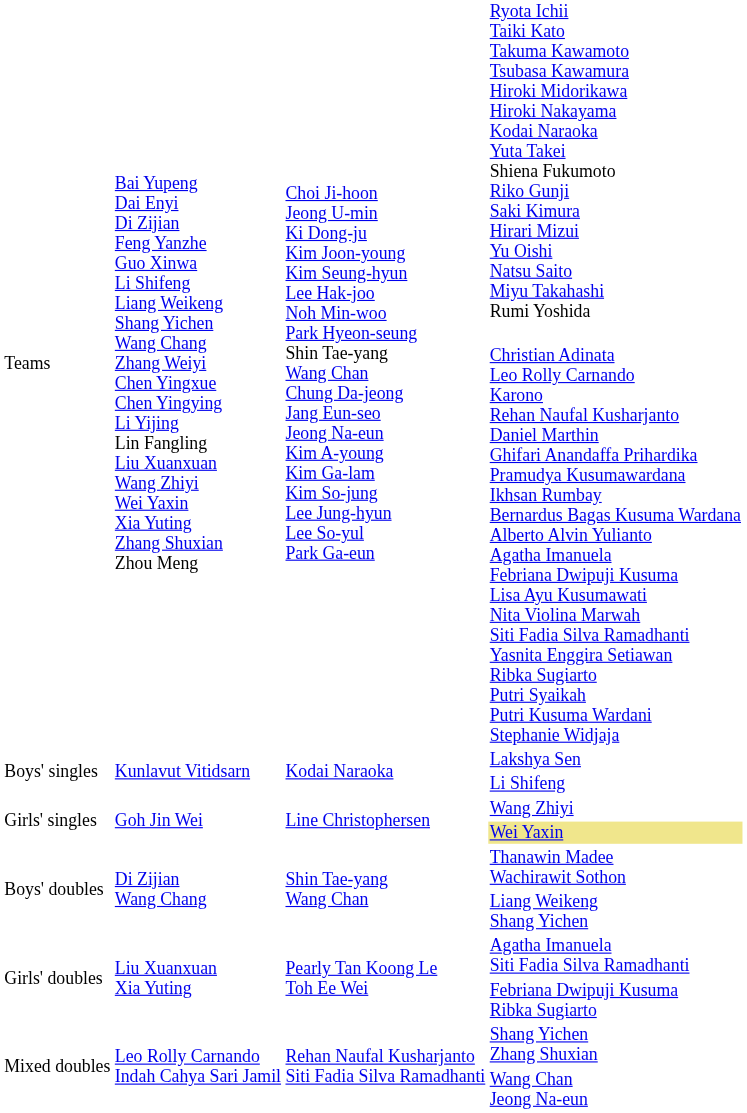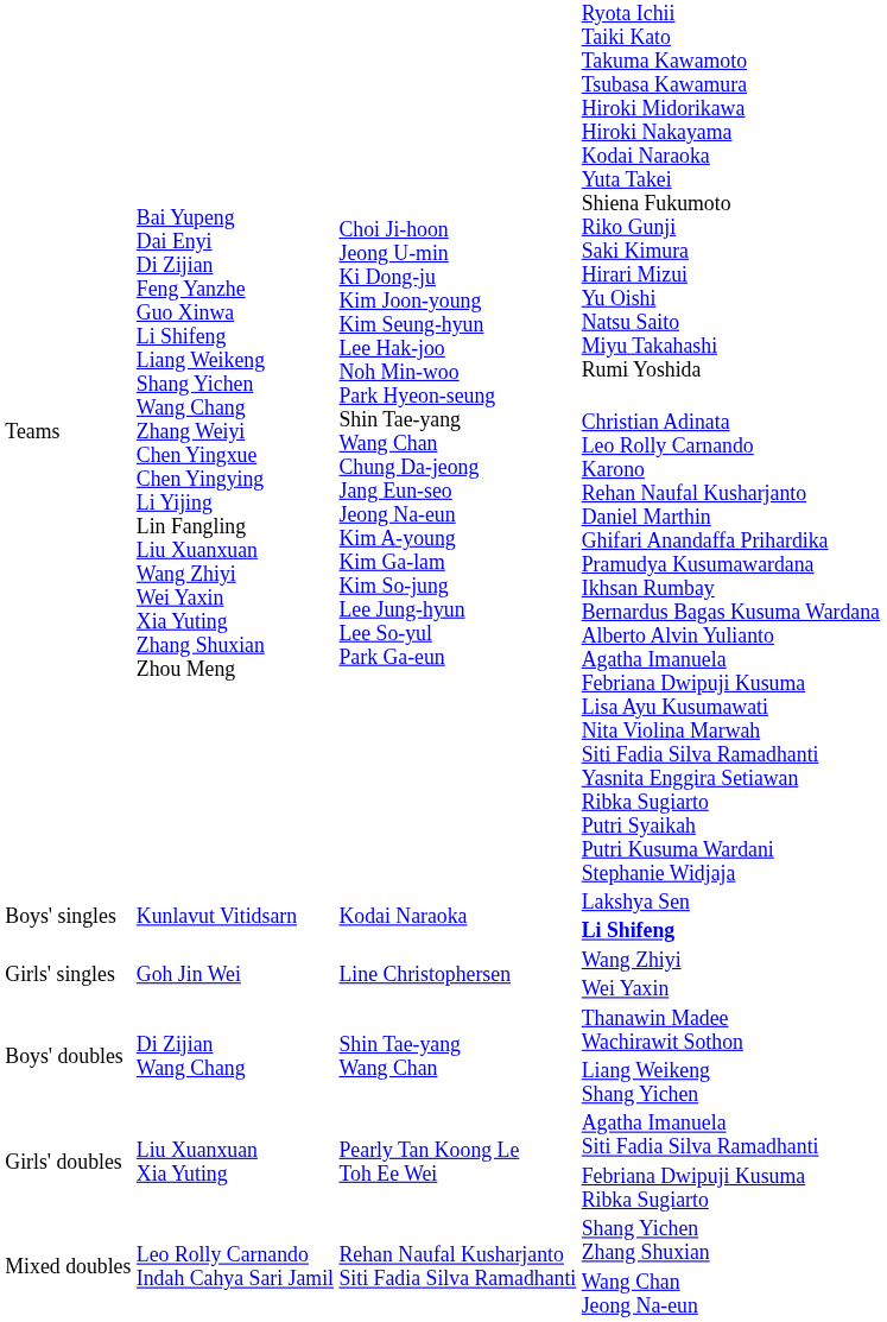 <table>
 <tr>
 <td rowspan=2>Teams<br></td>
 <td rowspan=2> <br> <a href='#'>Bai Yupeng</a><br> <a href='#'>Dai Enyi</a><br><a href='#'>Di Zijian</a><br> <a href='#'>Feng Yanzhe</a><br><a href='#'>Guo Xinwa</a><br><a href='#'>Li Shifeng</a><br><a href='#'>Liang Weikeng</a><br><a href='#'>Shang Yichen</a><br><a href='#'>Wang Chang</a><br> <a href='#'>Zhang Weiyi</a><br> <a href='#'>Chen Yingxue</a><br><a href='#'>Chen Yingying</a><br><a href='#'>Li Yijing</a><br> Lin Fangling<br><a href='#'>Liu Xuanxuan</a><br><a href='#'>Wang Zhiyi</a><br><a href='#'>Wei Yaxin</a><br><a href='#'>Xia Yuting</a><br><a href='#'>Zhang Shuxian</a><br>Zhou Meng</td>
 <td rowspan=2> <br> <a href='#'>Choi Ji-hoon</a><br> <a href='#'>Jeong U-min</a><br> <a href='#'>Ki Dong-ju</a><br> <a href='#'>Kim Joon-young</a><br> <a href='#'>Kim Seung-hyun</a><br> <a href='#'>Lee Hak-joo</a><br> <a href='#'>Noh Min-woo</a><br> <a href='#'>Park Hyeon-seung</a><br> Shin Tae-yang<br> <a href='#'>Wang Chan</a><br> <a href='#'>Chung Da-jeong</a><br> <a href='#'>Jang Eun-seo</a><br> <a href='#'>Jeong Na-eun</a><br> <a href='#'>Kim A-young</a><br> <a href='#'>Kim Ga-lam</a><br> <a href='#'>Kim So-jung</a><br> <a href='#'>Lee Jung-hyun</a><br> <a href='#'>Lee So-yul</a><br> <a href='#'>Park Ga-eun</a></td>
 <td> <br> <a href='#'>Ryota Ichii</a><br><a href='#'>Taiki Kato</a><br><a href='#'>Takuma Kawamoto</a><br><a href='#'>Tsubasa Kawamura</a><br><a href='#'>Hiroki Midorikawa</a><br><a href='#'>Hiroki Nakayama</a><br><a href='#'>Kodai Naraoka</a><br><a href='#'>Yuta Takei</a><br>Shiena Fukumoto<br><a href='#'>Riko Gunji</a><br><a href='#'>Saki Kimura</a><br><a href='#'>Hirari Mizui</a><br><a href='#'>Yu Oishi</a><br><a href='#'>Natsu Saito</a><br><a href='#'>Miyu Takahashi</a><br>Rumi Yoshida</td>
 </tr>
 <tr>
 <td> <br><a href='#'>Christian Adinata</a><br><a href='#'>Leo Rolly Carnando</a><br><a href='#'>Karono</a><br><a href='#'>Rehan Naufal Kusharjanto</a><br><a href='#'>Daniel Marthin</a><br><a href='#'>Ghifari Anandaffa Prihardika</a><br><a href='#'>Pramudya Kusumawardana</a><br><a href='#'>Ikhsan Rumbay</a><br><a href='#'>Bernardus Bagas Kusuma Wardana</a><br><a href='#'>Alberto Alvin Yulianto</a><br><a href='#'>Agatha Imanuela</a><br><a href='#'>Febriana Dwipuji Kusuma</a><br><a href='#'>Lisa Ayu Kusumawati</a><br><a href='#'>Nita Violina Marwah</a><br><a href='#'>Siti Fadia Silva Ramadhanti</a><br><a href='#'>Yasnita Enggira Setiawan</a><br><a href='#'>Ribka Sugiarto</a><br><a href='#'>Putri Syaikah</a><br><a href='#'>Putri Kusuma Wardani</a><br><a href='#'>Stephanie Widjaja</a></td>
 </tr>
 <tr>
 <td rowspan=2>Boys' singles<br></td>
 <td rowspan=2> <a href='#'>Kunlavut Vitidsarn</a></td>
 <td rowspan=2> <a href='#'>Kodai Naraoka</a></td>
 <td> <a href='#'>Lakshya Sen</a></td>
 </tr>
 <tr>
-<td> <a href='#'>Li Shifeng</a></td>
+<td><strong> <a href='#'>Li Shifeng</a></strong></td>
 </tr>
 <tr>
 <td rowspan=2>Girls' singles<br></td>
 <td rowspan=2> <a href='#'>Goh Jin Wei</a></td>
 <td rowspan=2> <a href='#'>Line Christophersen</a></td>
 <td> <a href='#'>Wang Zhiyi</a></td>
 </tr>
 <tr>
-<td style="background: khaki;"> <a href='#'>Wei Yaxin</a></td>
+<td> <a href='#'>Wei Yaxin</a></td>
 </tr>
 <tr>
 <td rowspan=2>Boys' doubles<br></td>
 <td rowspan=2> <a href='#'>Di Zijian</a><br> <a href='#'>Wang Chang</a></td>
 <td rowspan=2> <a href='#'>Shin Tae-yang</a><br> <a href='#'>Wang Chan</a></td>
 <td> <a href='#'>Thanawin Madee</a><br> <a href='#'>Wachirawit Sothon</a></td>
 </tr>
 <tr>
 <td> <a href='#'>Liang Weikeng</a><br> <a href='#'>Shang Yichen</a></td>
 </tr>
 <tr>
 <td rowspan=2>Girls' doubles<br></td>
 <td rowspan=2> <a href='#'>Liu Xuanxuan</a><br> <a href='#'>Xia Yuting</a></td>
 <td rowspan=2> <a href='#'>Pearly Tan Koong Le</a><br> <a href='#'>Toh Ee Wei</a></td>
 <td> <a href='#'>Agatha Imanuela</a><br> <a href='#'>Siti Fadia Silva Ramadhanti</a></td>
 </tr>
 <tr>
 <td> <a href='#'>Febriana Dwipuji Kusuma</a><br> <a href='#'>Ribka Sugiarto</a></td>
 </tr>
 <tr>
 <td rowspan=2>Mixed doubles<br></td>
 <td rowspan=2> <a href='#'>Leo Rolly Carnando</a><br> <a href='#'>Indah Cahya Sari Jamil</a></td>
 <td rowspan=2> <a href='#'>Rehan Naufal Kusharjanto</a><br> <a href='#'>Siti Fadia Silva Ramadhanti</a></td>
 <td> <a href='#'>Shang Yichen</a><br> <a href='#'>Zhang Shuxian</a></td>
 </tr>
 <tr>
 <td> <a href='#'>Wang Chan</a><br> <a href='#'>Jeong Na-eun</a></td>
 </tr>
 </table>
